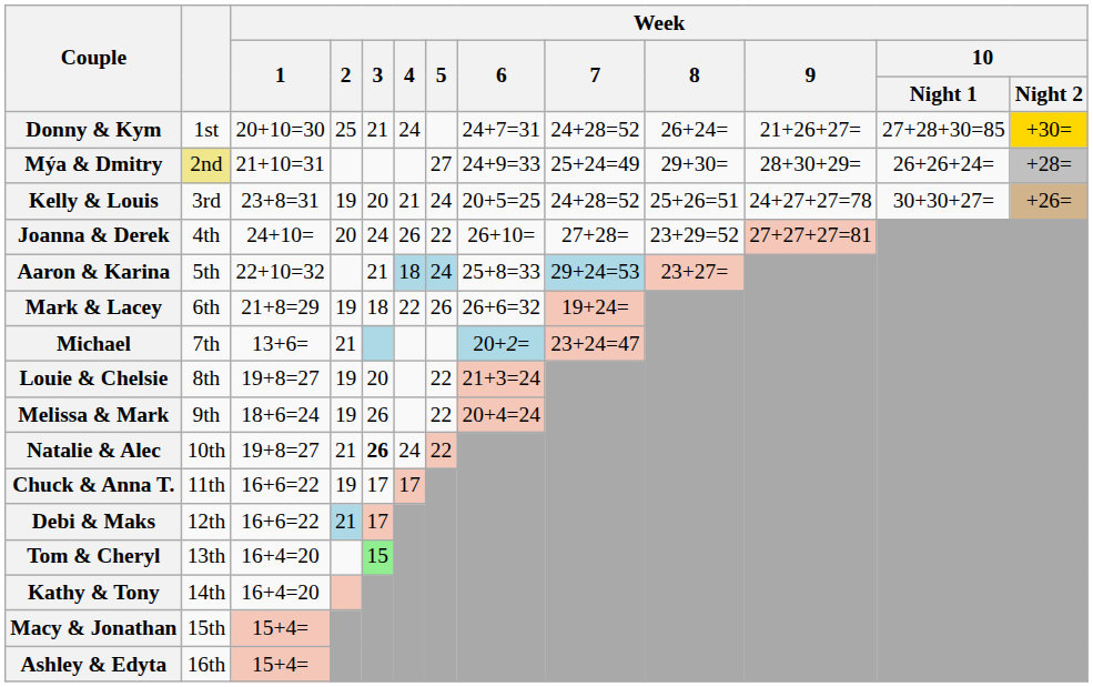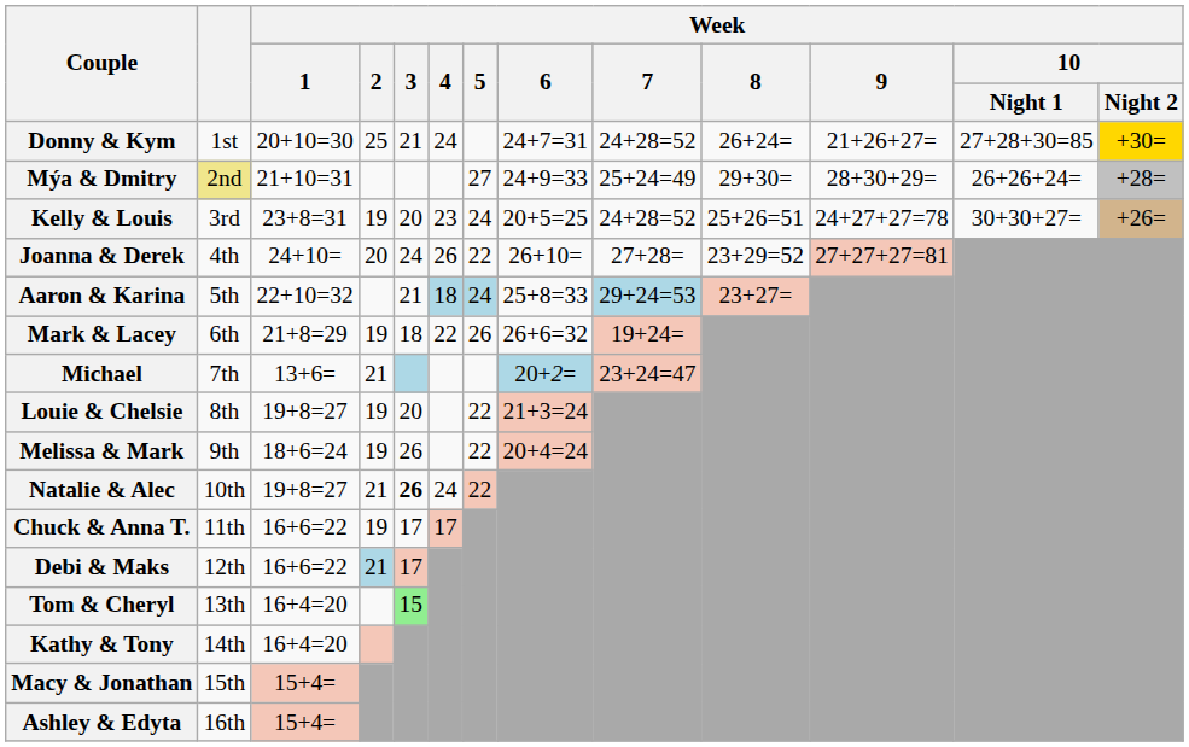 <table class="wikitable sortable" style="text-align:center; font-size:85%">
 <tr>
 <th scope="col" rowspan="3" style="text-align:center;">Couple</th>
 <th scope="col" rowspan="3" style="text-align:center;"></th>
 <th colspan="11" style="text-align:center;">Week</th>
 </tr>
 <tr>
 <th rowspan="2" scope="col">1</th>
 <th rowspan="2" scope="col">2</th>
 <th rowspan="2" scope="col">3</th>
 <th rowspan="2" scope="col">4</th>
 <th rowspan="2" scope="col">5</th>
 <th rowspan="2" scope="col">6</th>
 <th rowspan="2" scope="col">7</th>
 <th rowspan="2" scope="col">8</th>
 <th rowspan="2" scope="col">9</th>
 <th colspan="2" scope="col">10</th>
 </tr>
 <tr>
 <th>Night 1</th>
 <th>Night 2</th>
 </tr>
 <tr>
 <th scope="row">Donny & Kym</th>
 <td>1st</td>
 <td>20+10=30</td>
 <td>25</td>
 <td>21</td>
 <td>24</td>
 <td></td>
 <td>24+7=31</td>
 <td>24+28=52</td>
 <td>26+24=</td>
 <td>21+26+27=</td>
 <td>27+28+30=85</td>
 <td bgcolor="gold" >+30=</td>
 </tr>
 <tr>
 <th scope="row">Mýa & Dmitry</th>
 <td style="background: khaki;">2nd</td>
 <td>21+10=31</td>
 <td></td>
 <td></td>
 <td></td>
 <td>27</td>
 <td>24+9=33</td>
 <td>25+24=49</td>
 <td>29+30=</td>
 <td>28+30+29=</td>
 <td>26+26+24=</td>
 <td bgcolor="silver" >+28=</td>
 </tr>
 <tr>
 <th scope="row">Kelly & Louis</th>
 <td>3rd</td>
 <td>23+8=31</td>
 <td>19</td>
 <td>20</td>
-<td>21</td>
+<td>23</td>
 <td>24</td>
 <td>20+5=25</td>
 <td>24+28=52</td>
 <td>25+26=51</td>
 <td>24+27+27=78</td>
 <td>30+30+27=</td>
 <td bgcolor="tan" >+26=</td>
 </tr>
 <tr>
 <th scope="row">Joanna & Derek</th>
 <td>4th</td>
 <td>24+10=</td>
 <td>20</td>
 <td>24</td>
 <td>26</td>
 <td>22</td>
 <td>26+10=</td>
 <td>27+28=</td>
 <td>23+29=52</td>
 <td bgcolor="f4c7b8" >27+27+27=81</td>
 <td colspan="2" rowspan="13" style="background:darkgray;"></td>
 </tr>
 <tr>
 <th scope="row">Aaron & Karina</th>
 <td>5th</td>
 <td>22+10=32</td>
 <td></td>
 <td>21</td>
 <td bgcolor="lightblue">18</td>
 <td bgcolor="lightblue">24</td>
 <td>25+8=33</td>
 <td bgcolor="lightblue" >29+24=53</td>
 <td bgcolor="f4c7b8" >23+27=</td>
 <td rowspan="12" style="background:darkgray;"></td>
 </tr>
 <tr>
 <th scope="row">Mark & Lacey</th>
 <td>6th</td>
 <td>21+8=29</td>
 <td>19</td>
 <td>18</td>
 <td>22</td>
 <td>26</td>
 <td>26+6=32</td>
 <td bgcolor="f4c7b8" >19+24=</td>
 <td rowspan="11" style="background:darkgray;"></td>
 </tr>
 <tr>
 <th scope="row">Michael </th>
 <td>7th</td>
 <td>13+6=</td>
 <td>21</td>
 <td bgcolor="lightblue"></td>
 <td></td>
 <td></td>
 <td bgcolor="lightblue" >20+<em>2</em>=</td>
 <td bgcolor="f4c7b8" >23+24=47</td>
 </tr>
 <tr>
 <th scope="row">Louie & Chelsie</th>
 <td>8th</td>
 <td>19+8=27</td>
 <td>19</td>
 <td>20</td>
 <td></td>
 <td>22</td>
 <td bgcolor="f4c7b8" >21+3=24</td>
 <td rowspan="9" style="background:darkgray;"></td>
 </tr>
 <tr>
 <th scope="row">Melissa & Mark</th>
 <td>9th</td>
 <td>18+6=24</td>
 <td>19</td>
 <td>26</td>
 <td></td>
 <td>22</td>
 <td bgcolor="f4c7b8" >20+4=24</td>
 </tr>
 <tr>
 <th scope="row">Natalie & Alec</th>
 <td>10th</td>
 <td>19+8=27</td>
 <td>21</td>
 <td><strong>26</strong></td>
 <td>24</td>
 <td bgcolor="f4c7b8">22</td>
 <td rowspan="7" style="background:darkgray;"></td>
 </tr>
 <tr>
 <th scope="row">Chuck & Anna T.</th>
 <td>11th</td>
 <td>16+6=22</td>
 <td>19</td>
 <td>17</td>
 <td bgcolor="f4c7b8">17</td>
 <td rowspan="6" style="background:darkgray;"></td>
 </tr>
 <tr>
 <th scope="row">Debi & Maks</th>
 <td>12th</td>
 <td>16+6=22</td>
 <td bgcolor="lightblue">21</td>
 <td bgcolor="f4c7b8">17</td>
 <td rowspan="5" style="background:darkgray;"></td>
 </tr>
 <tr>
 <th scope="row">Tom & Cheryl</th>
 <td>13th</td>
 <td>16+4=20</td>
 <td></td>
 <td style="background:lightgreen">15</td>
 </tr>
 <tr>
 <th scope="row">Kathy & Tony</th>
 <td>14th</td>
 <td>16+4=20</td>
 <td bgcolor="f4c7b8"></td>
 <td rowspan="3" style="background:darkgray;"></td>
 </tr>
 <tr>
 <th scope="row">Macy & Jonathan</th>
 <td>15th</td>
 <td bgcolor="f4c7b8" >15+4=</td>
 <td rowspan="2" style="background:darkgray;"></td>
 </tr>
 <tr>
 <th scope="row">Ashley & Edyta</th>
 <td>16th</td>
 <td bgcolor="f4c7b8" >15+4=</td>
 </tr>
 </table>
